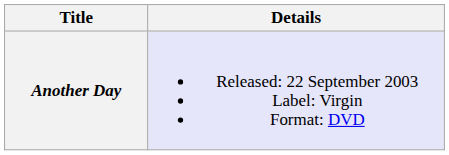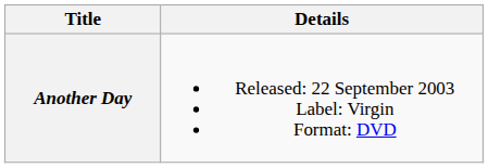 <table class="wikitable plainrowheaders" style="text-align:center;">
 <tr>
 <th scope="col" style="width:8em;">Title</th>
 <th scope="col" style="width:17em;">Details</th>
 </tr>
 <tr>
 <th scope="row"><em>Another Day</em></th>
-<td style="background: lavender;"><br><ul><li>Released: 22 September 2003</li><li>Label: Virgin</li><li>Format: <a href='#'>DVD</a></li></ul></td>
+<td><br><ul><li>Released: 22 September 2003</li><li>Label: Virgin</li><li>Format: <a href='#'>DVD</a></li></ul></td>
 </tr>
 </table>
